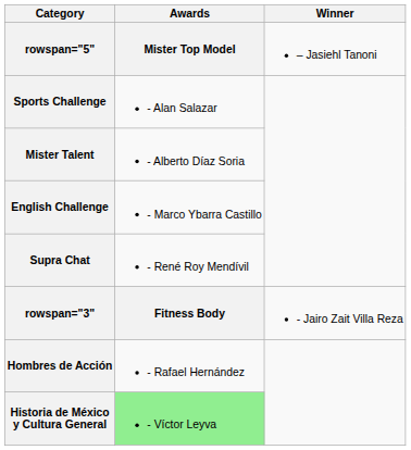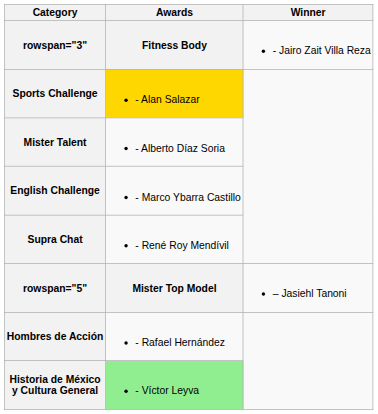 <table class="wikitable sortable" style="font-size: 95%;">
 <tr>
 <th>Category</th>
 <th>Awards</th>
 <th>Winner</th>
 </tr>
 <tr>
-<th>rowspan="5" </th>
-<th>Mister Top Model</th>
-<td><br><ul><li> – Jasiehl Tanoni</li></ul></td>
+<th>rowspan="3" </th>
+<th>Fitness Body</th>
+<td><br><ul><li> - Jairo Zait Villa Reza</li></ul></td>
 </tr>
 <tr>
 <th>Sports Challenge</th>
-<td><br><ul><li> - Alan Salazar</li></ul></td>
+<td style="background: gold;"><br><ul><li> - Alan Salazar</li></ul></td>
 </tr>
 <tr>
 <th>Mister Talent</th>
 <td><br><ul><li> - Alberto Díaz Soria</li></ul></td>
 </tr>
 <tr>
 <th>English Challenge</th>
 <td><br><ul><li> - Marco Ybarra Castillo</li></ul></td>
 </tr>
 <tr>
 <th>Supra Chat</th>
 <td><br><ul><li> - René Roy Mendívil</li></ul></td>
 </tr>
 <tr>
-<th>rowspan="3" </th>
-<th>Fitness Body</th>
-<td><br><ul><li> - Jairo Zait Villa Reza</li></ul></td>
+<th>rowspan="5" </th>
+<th>Mister Top Model</th>
+<td><br><ul><li> – Jasiehl Tanoni</li></ul></td>
 </tr>
 <tr>
 <th>Hombres de Acción</th>
 <td><br><ul><li> - Rafael Hernández</li></ul></td>
 </tr>
 <tr>
 <th>Historia de México<br>y Cultura General</th>
 <td style="background: lightgreen;"><br><ul><li> - Víctor Leyva</li></ul></td>
 </tr>
 </table>
